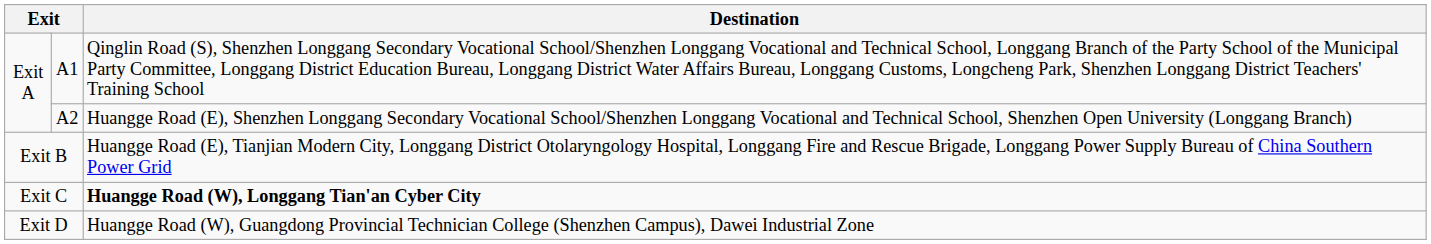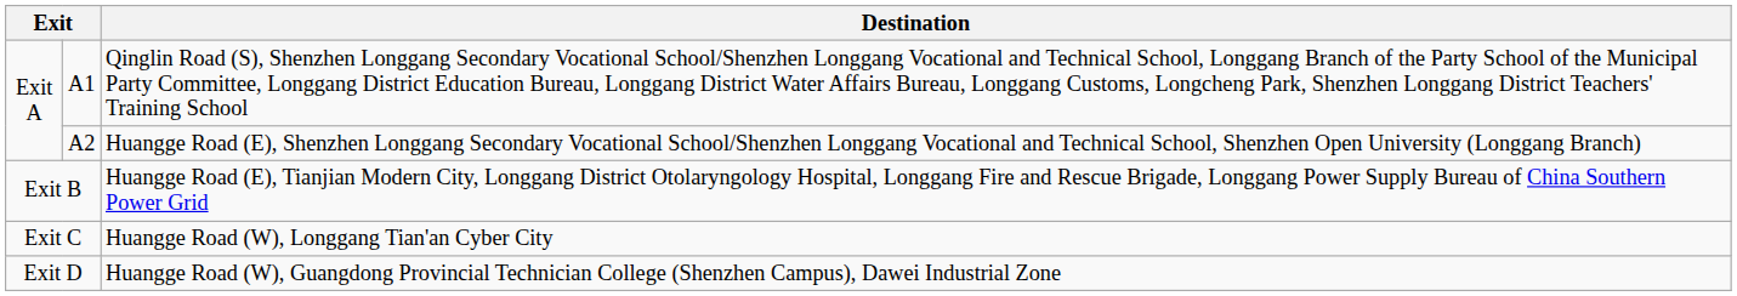 <table class="wikitable">
 <tr>
 <th style="width:70px" colspan=2>Exit</th>
 <th>Destination</th>
 </tr>
 <tr>
 <td align=center rowspan=2>Exit A</td>
 <td>A1</td>
 <td>Qinglin Road (S), Shenzhen Longgang Secondary Vocational School/Shenzhen Longgang Vocational and Technical School, Longgang Branch of the Party School of the Municipal Party Committee, Longgang District Education Bureau, Longgang District Water Affairs Bureau, Longgang Customs, Longcheng Park, Shenzhen Longgang District Teachers' Training School</td>
 </tr>
 <tr>
 <td>A2</td>
 <td>Huangge Road (E), Shenzhen Longgang Secondary Vocational School/Shenzhen Longgang Vocational and Technical School, Shenzhen Open University (Longgang Branch)</td>
 </tr>
 <tr>
 <td align=center colspan=2>Exit B</td>
 <td>Huangge Road (E), Tianjian Modern City, Longgang District Otolaryngology Hospital, Longgang Fire and Rescue Brigade, Longgang Power Supply Bureau of <a href='#'>China Southern Power Grid</a></td>
 </tr>
 <tr>
 <td align=center colspan=2>Exit C</td>
-<td><strong>Huangge Road (W), Longgang Tian'an Cyber City</strong></td>
+<td>Huangge Road (W), Longgang Tian'an Cyber City</td>
 </tr>
 <tr>
 <td align=center colspan=2>Exit D</td>
 <td>Huangge Road (W), Guangdong Provincial Technician College (Shenzhen Campus), Dawei Industrial Zone</td>
 </tr>
 </table>
